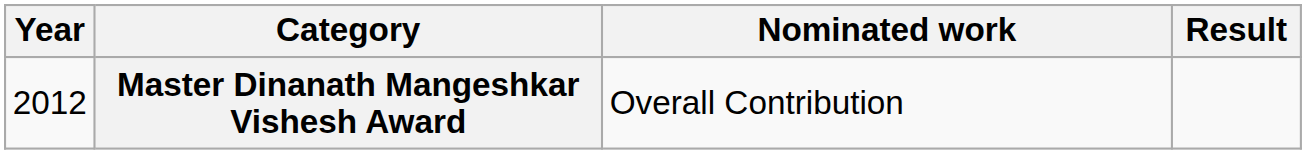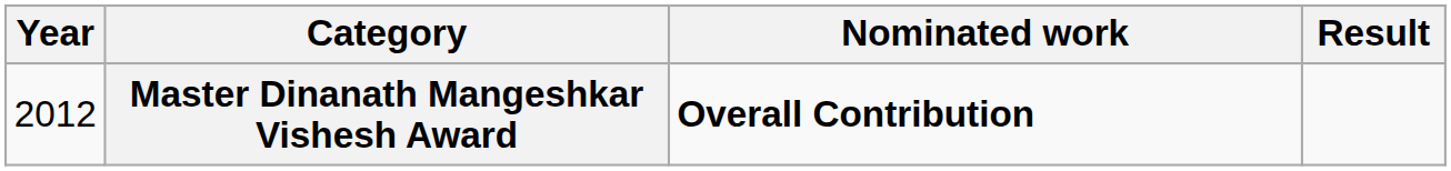 <table class="wikitable sortable plainrowheaders" style="width:100%;">
 <tr>
 <th scope="col" style="width:5%;">Year</th>
 <th scope="col" style="width:40%;">Category</th>
 <th scope="col" style="width:45%;">Nominated work</th>
 <th scope="col" style="width:10%;">Result</th>
 </tr>
 <tr>
 <td>2012</td>
 <th scope="row">Master Dinanath Mangeshkar Vishesh Award</th>
-<td>Overall Contribution</td>
+<td><strong>Overall Contribution</strong></td>
 <td></td>
 </tr>
 </table>
